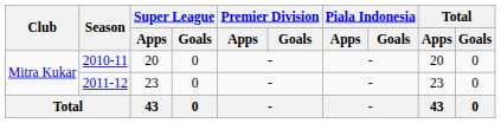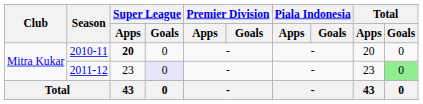 <table class="wikitable" style="font-size:90%; text-align:center;">
 <tr>
 <th rowspan="2">Club</th>
 <th rowspan="2">Season</th>
 <th colspan="2"><a href='#'>Super League</a></th>
 <th colspan="2"><a href='#'>Premier Division</a></th>
 <th colspan="2"><a href='#'>Piala Indonesia</a></th>
 <th colspan="2">Total</th>
 </tr>
 <tr>
 <th>Apps</th>
 <th>Goals</th>
 <th>Apps</th>
 <th>Goals</th>
 <th>Apps</th>
 <th>Goals</th>
 <th>Apps</th>
 <th>Goals</th>
 </tr>
 <tr>
 <td rowspan="2"><a href='#'>Mitra Kukar</a></td>
 <td><a href='#'>2010-11</a></td>
-<td>20</td>
+<td><strong>20</strong></td>
 <td>0</td>
 <td colspan="2">-</td>
 <td colspan="2">-</td>
 <td>20</td>
 <td>0</td>
 </tr>
 <tr>
 <td><a href='#'>2011-12</a></td>
 <td>23</td>
-<td>0</td>
+<td style="background: lavender;">0</td>
 <td colspan="2">-</td>
 <td colspan="2">-</td>
 <td>23</td>
-<td>0</td>
+<td style="background: lightgreen;">0</td>
 </tr>
 <tr>
 <th colspan="2">Total</th>
 <th>43</th>
 <th>0</th>
 <th colspan="2">-</th>
 <th colspan="2">-</th>
 <th>43</th>
 <th>0</th>
 </tr>
 </table>
